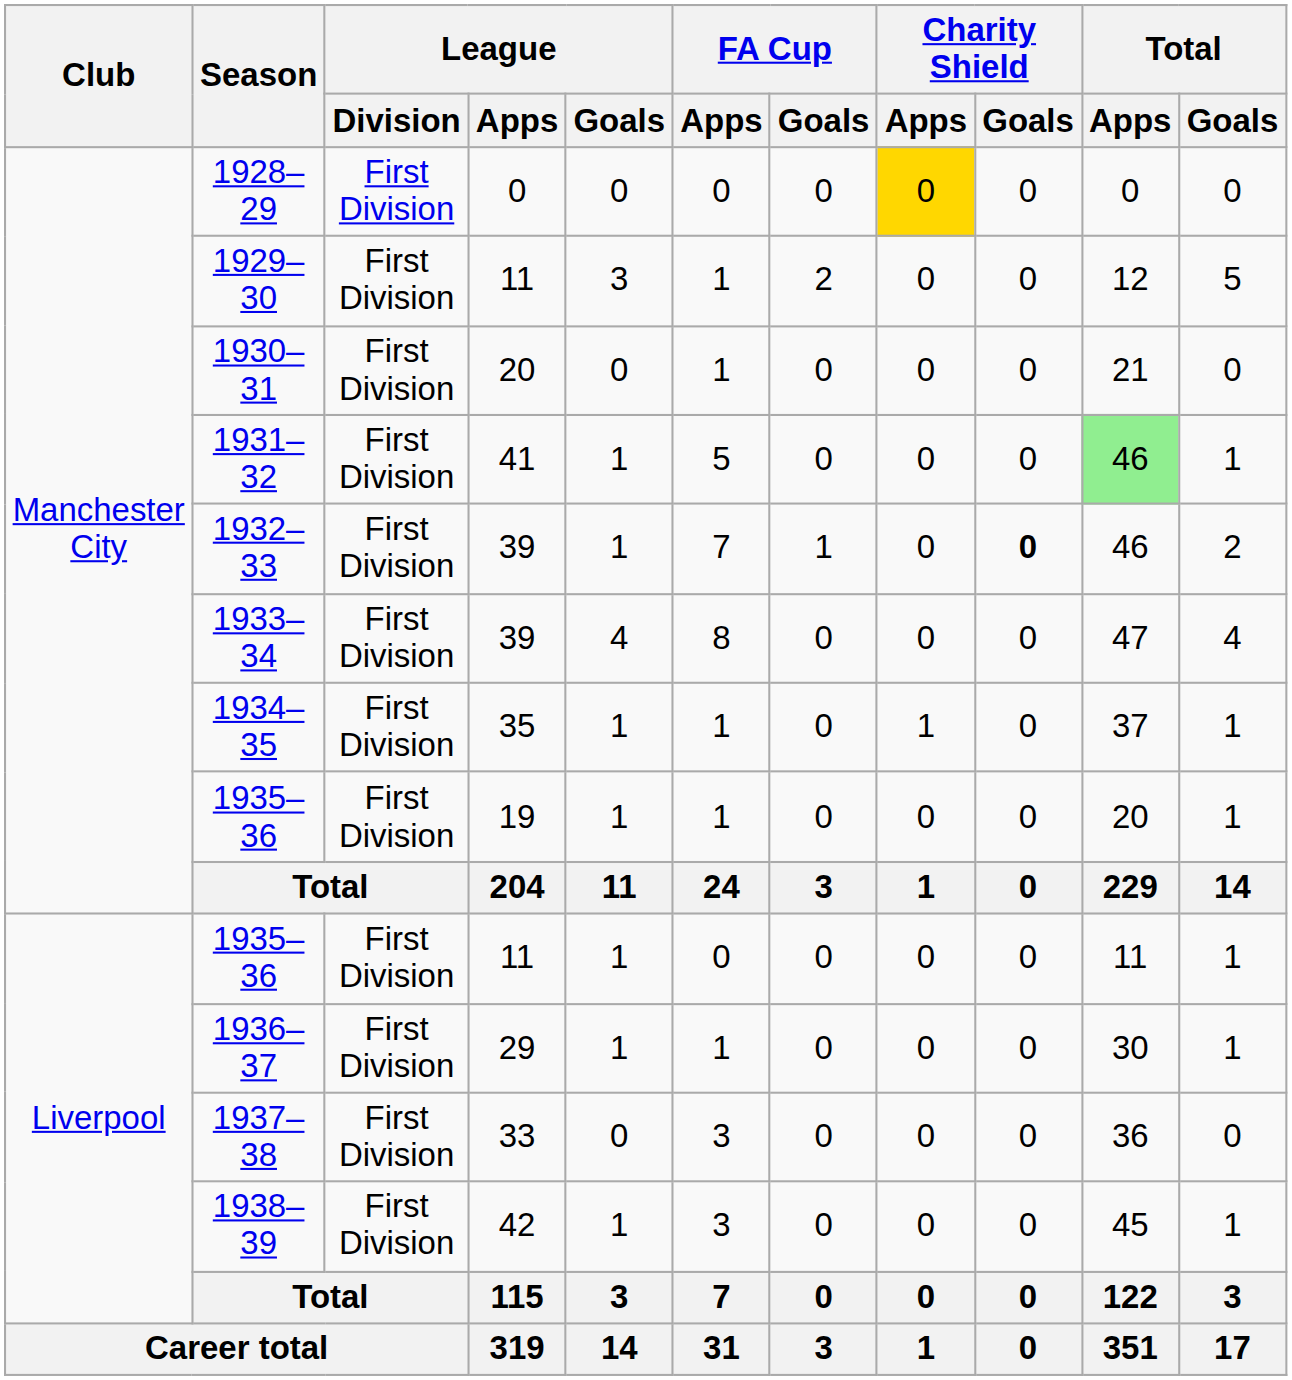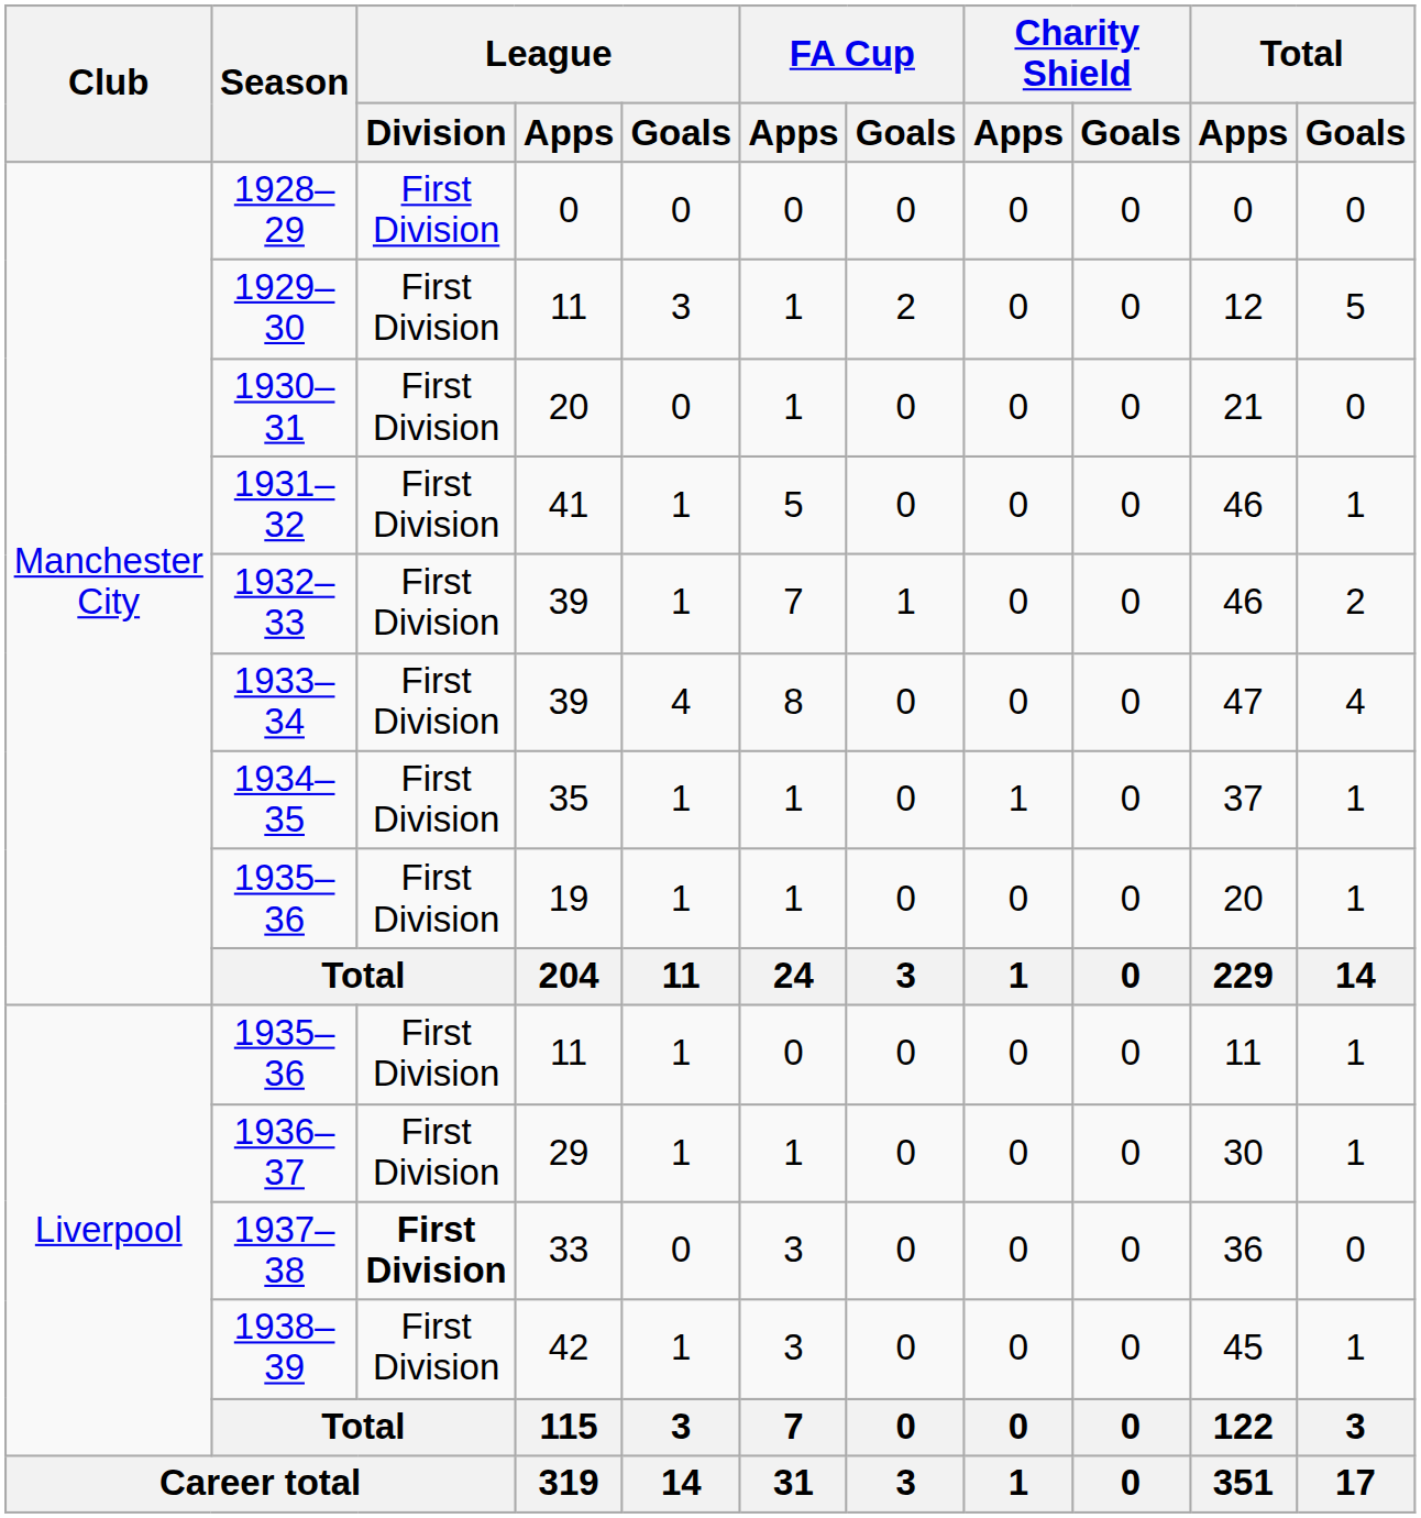 <table class="wikitable" style="text-align:center">
 <tr>
 <th rowspan=2>Club</th>
 <th rowspan=2>Season</th>
 <th colspan=3>League</th>
 <th colspan=2><a href='#'>FA Cup</a></th>
 <th colspan=2><a href='#'>Charity Shield</a></th>
 <th colspan=2>Total</th>
 </tr>
 <tr>
 <th>Division</th>
 <th>Apps</th>
 <th>Goals</th>
 <th>Apps</th>
 <th>Goals</th>
 <th>Apps</th>
 <th>Goals</th>
 <th>Apps</th>
 <th>Goals</th>
 </tr>
 <tr>
 <td rowspan="9"><a href='#'>Manchester City</a></td>
 <td><a href='#'>1928–29</a></td>
 <td><a href='#'>First Division</a></td>
 <td>0</td>
 <td>0</td>
 <td>0</td>
 <td>0</td>
-<td style="background: gold;">0</td>
+<td>0</td>
 <td>0</td>
 <td>0</td>
 <td>0</td>
 </tr>
 <tr>
 <td><a href='#'>1929–30</a></td>
 <td>First Division</td>
 <td>11</td>
 <td>3</td>
 <td>1</td>
 <td>2</td>
 <td>0</td>
 <td>0</td>
 <td>12</td>
 <td>5</td>
 </tr>
 <tr>
 <td><a href='#'>1930–31</a></td>
 <td>First Division</td>
 <td>20</td>
 <td>0</td>
 <td>1</td>
 <td>0</td>
 <td>0</td>
 <td>0</td>
 <td>21</td>
 <td>0</td>
 </tr>
 <tr>
 <td><a href='#'>1931–32</a></td>
 <td>First Division</td>
 <td>41</td>
 <td>1</td>
 <td>5</td>
 <td>0</td>
 <td>0</td>
 <td>0</td>
-<td style="background: lightgreen;">46</td>
+<td>46</td>
 <td>1</td>
 </tr>
 <tr>
 <td><a href='#'>1932–33</a></td>
 <td>First Division</td>
 <td>39</td>
 <td>1</td>
 <td>7</td>
 <td>1</td>
 <td>0</td>
-<td><strong>0</strong></td>
+<td>0</td>
 <td>46</td>
 <td>2</td>
 </tr>
 <tr>
 <td><a href='#'>1933–34</a></td>
 <td>First Division</td>
 <td>39</td>
 <td>4</td>
 <td>8</td>
 <td>0</td>
 <td>0</td>
 <td>0</td>
 <td>47</td>
 <td>4</td>
 </tr>
 <tr>
 <td><a href='#'>1934–35</a></td>
 <td>First Division</td>
 <td>35</td>
 <td>1</td>
 <td>1</td>
 <td>0</td>
 <td>1</td>
 <td>0</td>
 <td>37</td>
 <td>1</td>
 </tr>
 <tr>
 <td><a href='#'>1935–36</a></td>
 <td>First Division</td>
 <td>19</td>
 <td>1</td>
 <td>1</td>
 <td>0</td>
 <td>0</td>
 <td>0</td>
 <td>20</td>
 <td>1</td>
 </tr>
 <tr>
 <th colspan=2>Total</th>
 <th>204</th>
 <th>11</th>
 <th>24</th>
 <th>3</th>
 <th>1</th>
 <th>0</th>
 <th>229</th>
 <th>14</th>
 </tr>
 <tr>
 <td rowspan="5"><a href='#'>Liverpool</a></td>
 <td><a href='#'>1935–36</a></td>
 <td>First Division</td>
 <td>11</td>
 <td>1</td>
 <td>0</td>
 <td>0</td>
 <td>0</td>
 <td>0</td>
 <td>11</td>
 <td>1</td>
 </tr>
 <tr>
 <td><a href='#'>1936–37</a></td>
 <td>First Division</td>
 <td>29</td>
 <td>1</td>
 <td>1</td>
 <td>0</td>
 <td>0</td>
 <td>0</td>
 <td>30</td>
 <td>1</td>
 </tr>
 <tr>
 <td><a href='#'>1937–38</a></td>
-<td>First Division</td>
+<td><strong>First Division</strong></td>
 <td>33</td>
 <td>0</td>
 <td>3</td>
 <td>0</td>
 <td>0</td>
 <td>0</td>
 <td>36</td>
 <td>0</td>
 </tr>
 <tr>
 <td><a href='#'>1938–39</a></td>
 <td>First Division</td>
 <td>42</td>
 <td>1</td>
 <td>3</td>
 <td>0</td>
 <td>0</td>
 <td>0</td>
 <td>45</td>
 <td>1</td>
 </tr>
 <tr>
 <th colspan=2>Total</th>
 <th>115</th>
 <th>3</th>
 <th>7</th>
 <th>0</th>
 <th>0</th>
 <th>0</th>
 <th>122</th>
 <th>3</th>
 </tr>
 <tr>
 <th colspan="3">Career total</th>
 <th>319</th>
 <th>14</th>
 <th>31</th>
 <th>3</th>
 <th>1</th>
 <th>0</th>
 <th>351</th>
 <th>17</th>
 </tr>
 </table>
